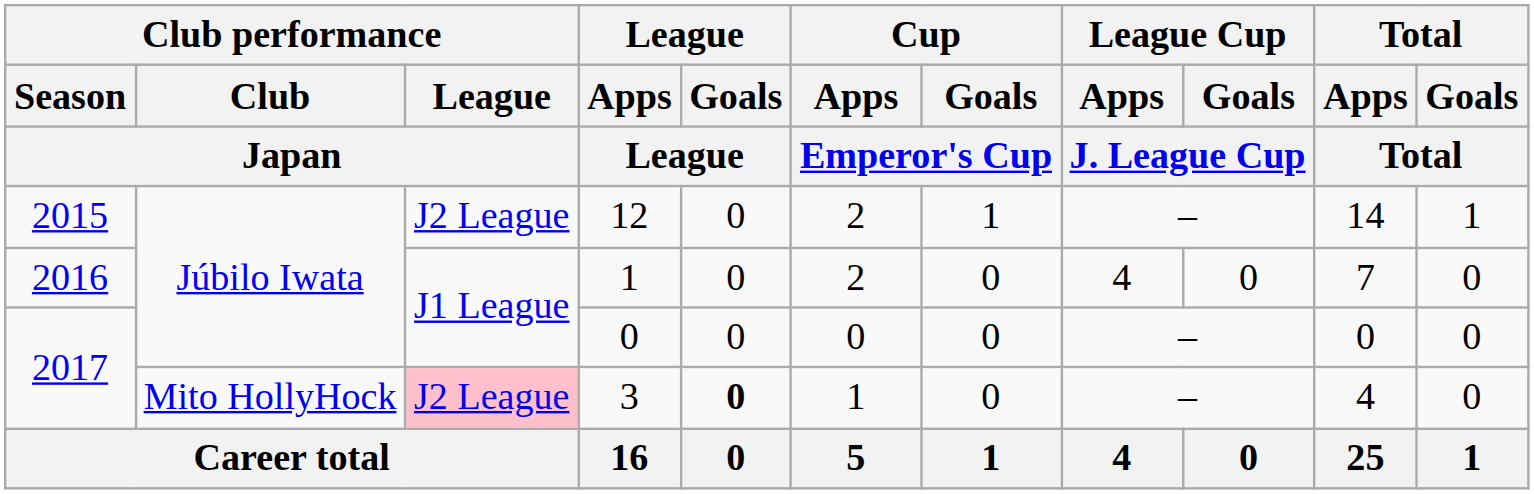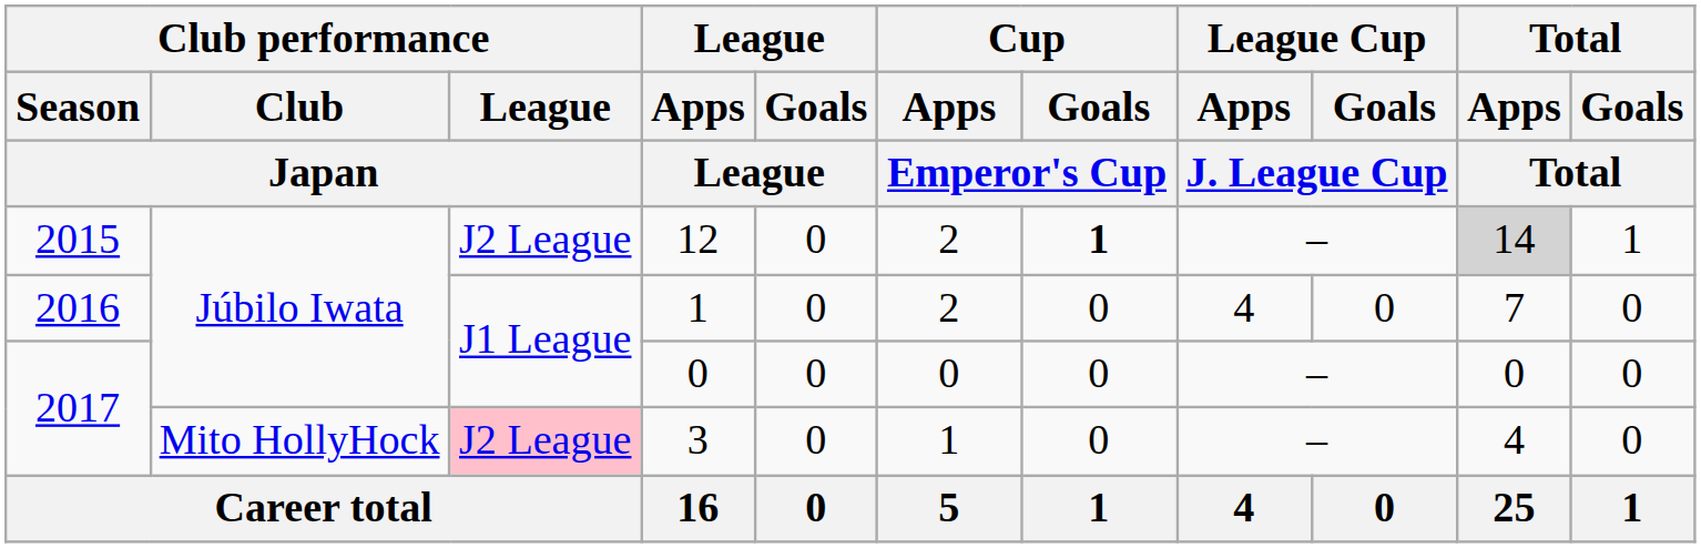 <table class="wikitable" style="text-align:center">
 <tr>
 <th colspan=3>Club performance</th>
 <th colspan=2>League</th>
 <th colspan=2>Cup</th>
 <th colspan=2>League Cup</th>
 <th colspan=2>Total</th>
 </tr>
 <tr>
 <th>Season</th>
 <th>Club</th>
 <th>League</th>
 <th>Apps</th>
 <th>Goals</th>
 <th>Apps</th>
 <th>Goals</th>
 <th>Apps</th>
 <th>Goals</th>
 <th>Apps</th>
 <th>Goals</th>
 </tr>
 <tr>
 <th colspan=3>Japan</th>
 <th colspan=2>League</th>
 <th colspan=2><a href='#'>Emperor's Cup</a></th>
 <th colspan=2><a href='#'>J. League Cup</a></th>
 <th colspan=2>Total</th>
 </tr>
 <tr>
 <td><a href='#'>2015</a></td>
 <td rowspan="3"><a href='#'>Júbilo Iwata</a></td>
 <td rowspan="1"><a href='#'>J2 League</a></td>
 <td>12</td>
 <td>0</td>
 <td>2</td>
-<td>1</td>
+<td><strong>1</strong></td>
 <td colspan="2">–</td>
-<td>14</td>
+<td style="background: lightgrey;">14</td>
 <td>1</td>
 </tr>
 <tr>
 <td><a href='#'>2016</a></td>
 <td rowspan="2"><a href='#'>J1 League</a></td>
 <td>1</td>
 <td>0</td>
 <td>2</td>
 <td>0</td>
 <td>4</td>
 <td>0</td>
 <td>7</td>
 <td>0</td>
 </tr>
 <tr>
 <td rowspan="2"><a href='#'>2017</a></td>
 <td>0</td>
 <td>0</td>
 <td>0</td>
 <td>0</td>
 <td colspan="2">–</td>
 <td>0</td>
 <td>0</td>
 </tr>
 <tr>
 <td><a href='#'>Mito HollyHock</a></td>
 <td style="background: pink;"><a href='#'>J2 League</a></td>
 <td>3</td>
-<td><strong>0</strong></td>
+<td>0</td>
 <td>1</td>
 <td>0</td>
 <td colspan="2">–</td>
 <td>4</td>
 <td>0</td>
 </tr>
 <tr>
 <th colspan=3>Career total</th>
 <th>16</th>
 <th>0</th>
 <th>5</th>
 <th>1</th>
 <th>4</th>
 <th>0</th>
 <th>25</th>
 <th>1</th>
 </tr>
 </table>
